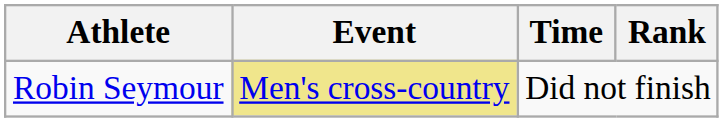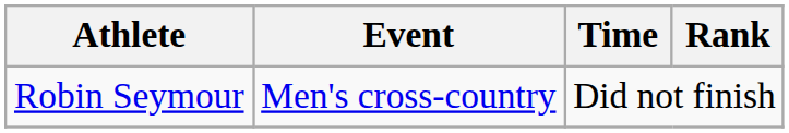 <table class=wikitable style="font-size:90%">
 <tr>
 <th>Athlete</th>
 <th>Event</th>
 <th>Time</th>
 <th>Rank</th>
 </tr>
 <tr align=center>
 <td align=left><a href='#'>Robin Seymour</a></td>
-<td align=left style="background: khaki;"><a href='#'>Men's cross-country</a></td>
+<td align=left><a href='#'>Men's cross-country</a></td>
 <td colspan=2>Did not finish</td>
 </tr>
 </table>
